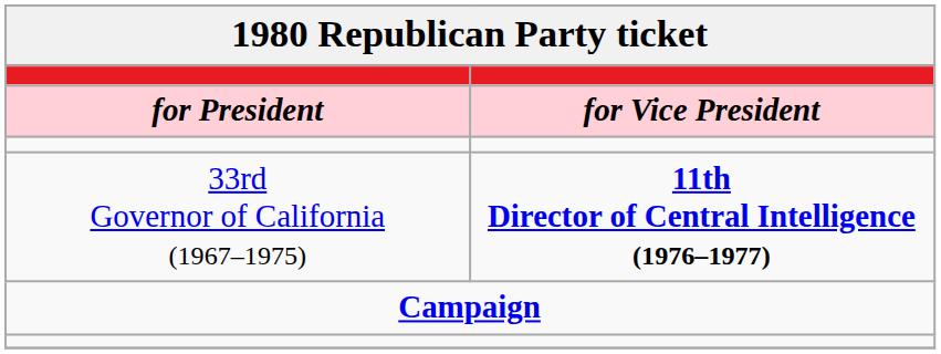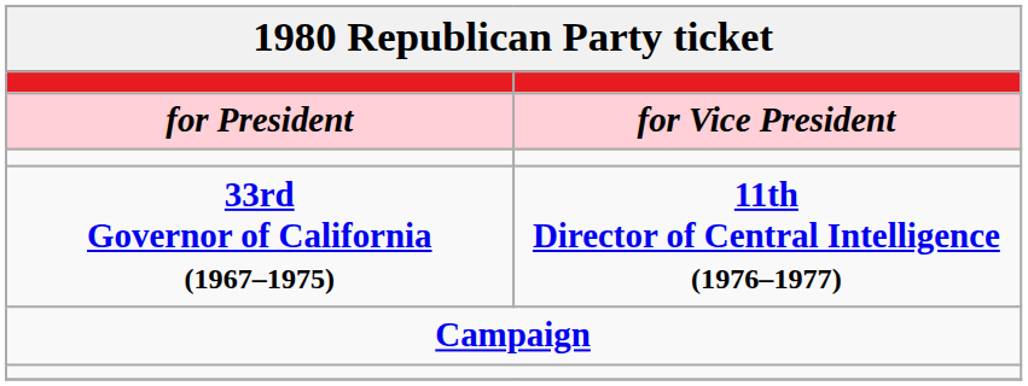 <table class="wikitable" style="font-size:90%; text-align:center;">
 <tr>
 <td colspan="2" style="background:#f1f1f1;"><big><strong>1980 Republican Party ticket</strong></big></td>
 </tr>
 <tr>
 <th style="width:3em; font-size:135%; background:#E81B23; width:200px;"><a href='#'></a></th>
 <th style="width:3em; font-size:135%; background:#E81B23; width:200px;"><a href='#'></a></th>
 </tr>
 <tr style="color:#000; font-size:100%; background:#ffd0d7;">
 <td style="width:3em; width:200px;"><strong><em>for President</em></strong></td>
 <td style="width:3em; width:200px;"><strong><em>for Vice President</em></strong></td>
 </tr>
 <tr>
 <td></td>
 <td></td>
 </tr>
 <tr>
-<td><a href='#'>33rd</a><br><a href='#'>Governor of California</a><br><small>(1967–1975)</small></td>
+<td><strong><a href='#'>33rd</a><br><a href='#'>Governor of California</a><br><small>(1967–1975)</small></strong></td>
 <td><strong><a href='#'>11th</a><br><a href='#'>Director of Central Intelligence</a><br><small>(1976–1977)</small></strong></td>
 </tr>
 <tr>
 <td colspan=2><a href='#'><strong>Campaign</strong></a></td>
 </tr>
 <tr>
 <td colspan=2></td>
 </tr>
 <tr>
 </tr>
 </table>
